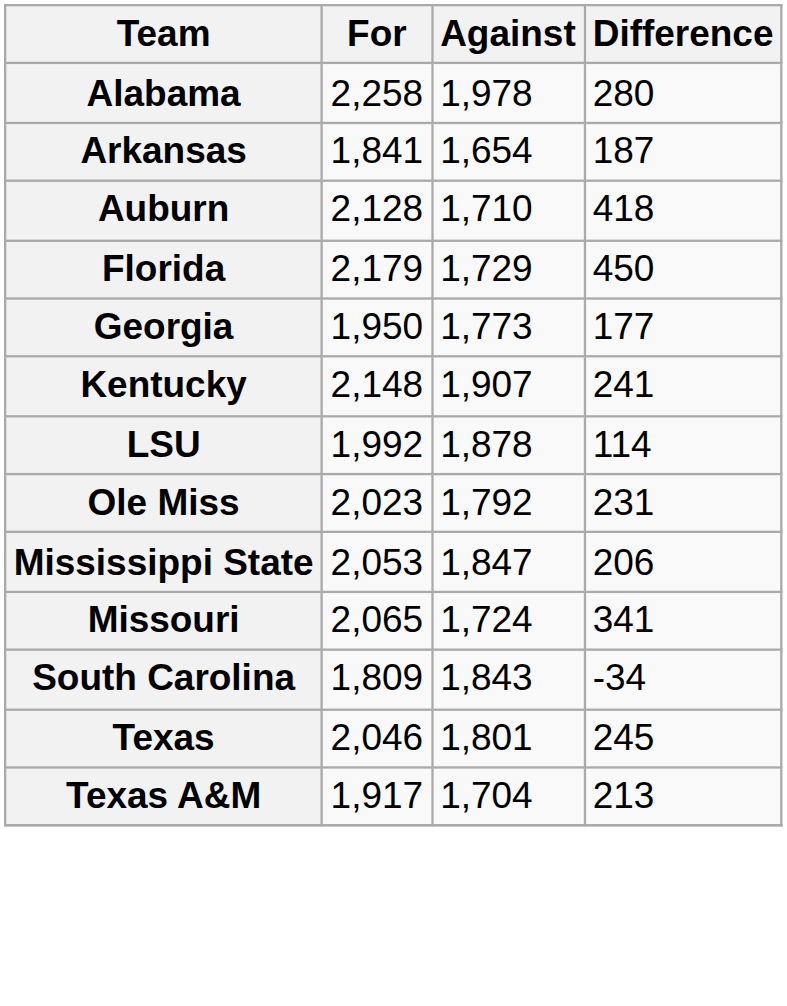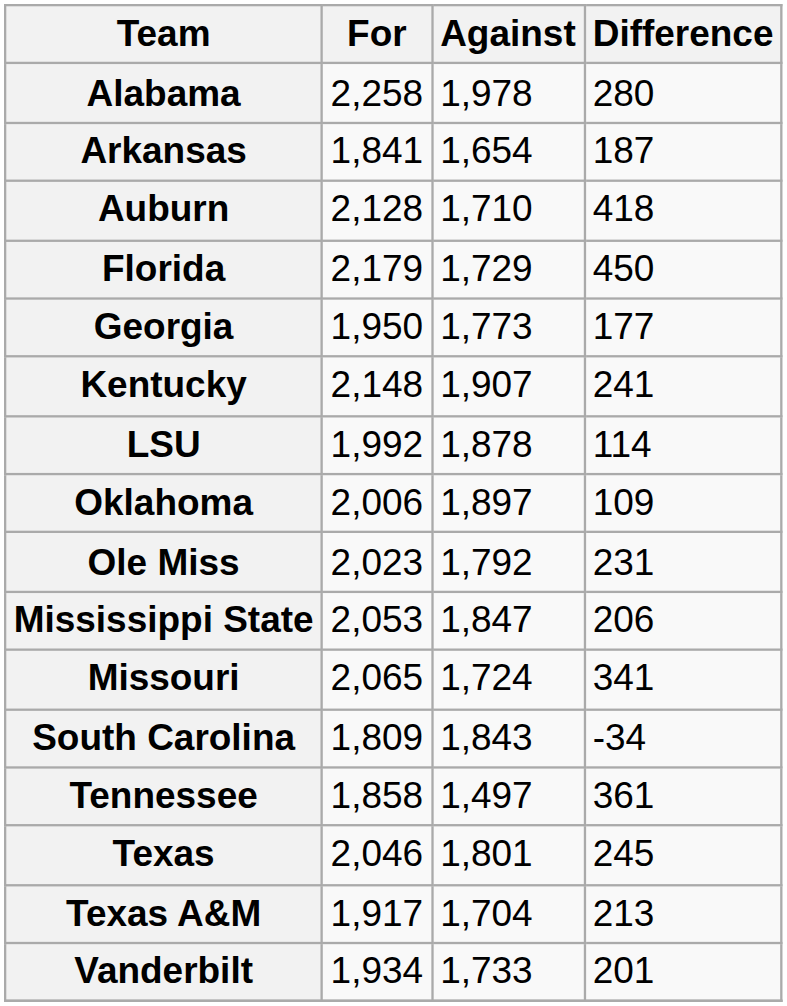 <table class="wikitable sortable">
 <tr>
 <th scope="col">Team</th>
 <th scope="col">For</th>
 <th scope="col">Against</th>
 <th scope="col">Difference</th>
 </tr>
 <tr>
 <th>Alabama</th>
 <td>2,258</td>
 <td>1,978</td>
 <td>280</td>
 </tr>
 <tr>
 <th>Arkansas</th>
 <td>1,841</td>
 <td>1,654</td>
 <td>187</td>
 </tr>
 <tr>
 <th>Auburn</th>
 <td>2,128</td>
 <td>1,710</td>
 <td>418</td>
 </tr>
 <tr>
 <th>Florida</th>
 <td>2,179</td>
 <td>1,729</td>
 <td>450</td>
 </tr>
 <tr>
 <th>Georgia</th>
 <td>1,950</td>
 <td>1,773</td>
 <td>177</td>
 </tr>
 <tr>
 <th>Kentucky</th>
 <td>2,148</td>
 <td>1,907</td>
 <td>241</td>
 </tr>
 <tr>
 <th>LSU</th>
 <td>1,992</td>
 <td>1,878</td>
 <td>114</td>
 </tr>
 <tr>
+<th>Oklahoma</th>
+<td>2,006</td>
+<td>1,897</td>
+<td>109</td>
+</tr>
+<tr>
 <th>Ole Miss</th>
 <td>2,023</td>
 <td>1,792</td>
 <td>231</td>
 </tr>
 <tr>
 <th>Mississippi State</th>
 <td>2,053</td>
 <td>1,847</td>
 <td>206</td>
 </tr>
 <tr>
 <th>Missouri</th>
 <td>2,065</td>
 <td>1,724</td>
 <td>341</td>
 </tr>
 <tr>
 <th>South Carolina</th>
 <td>1,809</td>
 <td>1,843</td>
 <td>-34</td>
 </tr>
 <tr>
+<th>Tennessee</th>
+<td>1,858</td>
+<td>1,497</td>
+<td>361</td>
+</tr>
+<tr>
 <th>Texas</th>
 <td>2,046</td>
 <td>1,801</td>
 <td>245</td>
 </tr>
 <tr>
 <th>Texas A&M</th>
 <td>1,917</td>
 <td>1,704</td>
 <td>213</td>
 </tr>
 <tr>
+<th>Vanderbilt</th>
+<td>1,934</td>
+<td>1,733</td>
+<td>201</td>
+</tr>
+<tr>
 </tr>
 </table>
